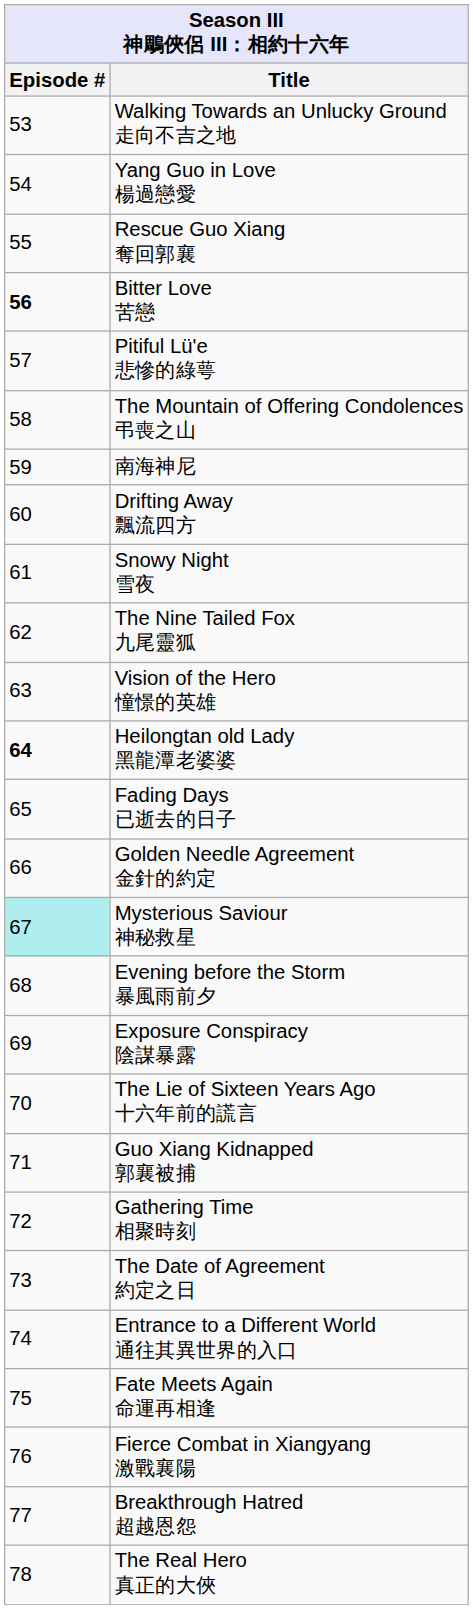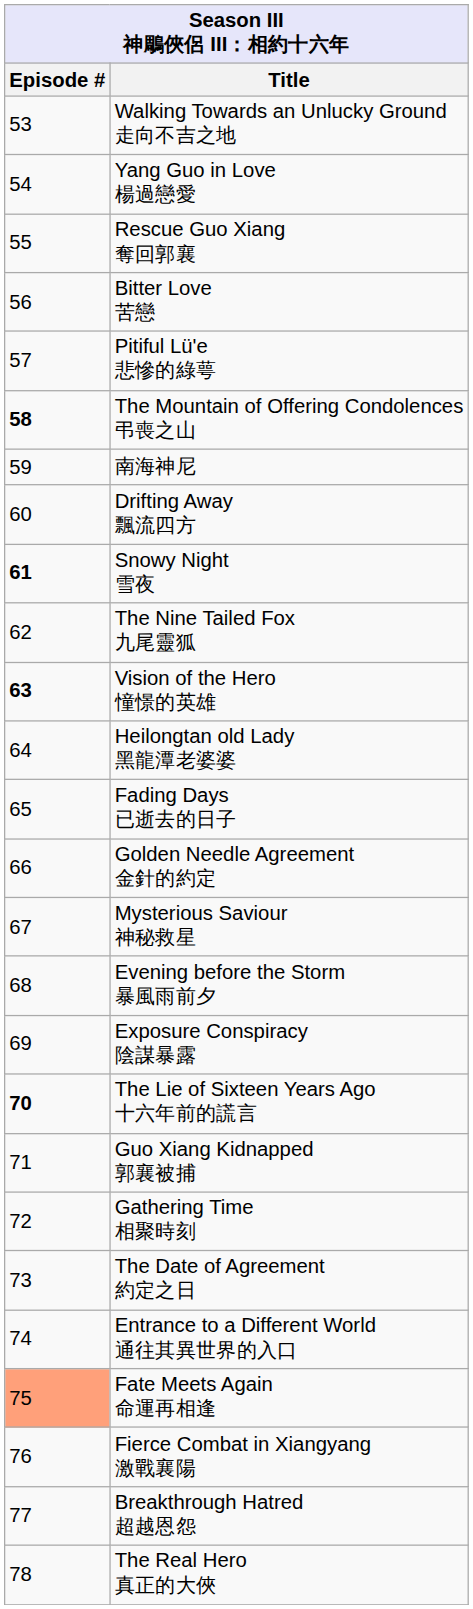 <table class="wikitable">
 <tr>
 <td colspan="2" style="background:lavender; text-align:center;"><strong>Season III<br>神鵰俠侶 III：相約十六年</strong></td>
 </tr>
 <tr>
 <th>Episode #</th>
 <th>Title</th>
 </tr>
 <tr>
 <td>53</td>
 <td>Walking Towards an Unlucky Ground<br>走向不吉之地</td>
 </tr>
 <tr>
 <td>54</td>
 <td>Yang Guo in Love<br>楊過戀愛</td>
 </tr>
 <tr>
 <td>55</td>
 <td>Rescue Guo Xiang<br>奪回郭襄</td>
 </tr>
 <tr>
-<td><strong>56</strong></td>
+<td>56</td>
 <td>Bitter Love<br>苦戀</td>
 </tr>
 <tr>
 <td>57</td>
 <td>Pitiful Lü'e<br>悲慘的綠萼</td>
 </tr>
 <tr>
-<td>58</td>
+<td><strong>58</strong></td>
 <td>The Mountain of Offering Condolences<br>弔喪之山</td>
 </tr>
 <tr>
 <td>59</td>
 <td>南海神尼</td>
 </tr>
 <tr>
 <td>60</td>
 <td>Drifting Away <br>飄流四方</td>
 </tr>
 <tr>
-<td>61</td>
+<td><strong>61</strong></td>
 <td>Snowy Night<br>雪夜</td>
 </tr>
 <tr>
 <td>62</td>
 <td>The Nine Tailed Fox<br>九尾靈狐</td>
 </tr>
 <tr>
-<td>63</td>
+<td><strong>63</strong></td>
 <td>Vision of the Hero<br>憧憬的英雄</td>
 </tr>
 <tr>
-<td><strong>64</strong></td>
+<td>64</td>
 <td>Heilongtan old Lady<br>黑龍潭老婆婆</td>
 </tr>
 <tr>
 <td>65</td>
 <td>Fading Days<br>已逝去的日子</td>
 </tr>
 <tr>
 <td>66</td>
 <td>Golden Needle Agreement<br>金針的約定</td>
 </tr>
 <tr>
-<td style="background: paleturquoise;">67</td>
+<td>67</td>
 <td>Mysterious Saviour<br>神秘救星</td>
 </tr>
 <tr>
 <td>68</td>
 <td>Evening before the Storm<br>暴風雨前夕</td>
 </tr>
 <tr>
 <td>69</td>
 <td>Exposure Conspiracy<br>陰謀暴露</td>
 </tr>
 <tr>
-<td>70</td>
+<td><strong>70</strong></td>
 <td>The Lie of Sixteen Years Ago<br>十六年前的謊言</td>
 </tr>
 <tr>
 <td>71</td>
 <td>Guo Xiang Kidnapped<br>郭襄被捕</td>
 </tr>
 <tr>
 <td>72</td>
 <td>Gathering Time<br>相聚時刻</td>
 </tr>
 <tr>
 <td>73</td>
 <td>The Date of Agreement<br>約定之日</td>
 </tr>
 <tr>
 <td>74</td>
 <td>Entrance to a Different World<br>通往其異世界的入口</td>
 </tr>
 <tr>
-<td>75</td>
+<td style="background: lightsalmon;">75</td>
 <td>Fate Meets Again<br>命運再相逢</td>
 </tr>
 <tr>
 <td>76</td>
 <td>Fierce Combat in Xiangyang<br>激戰襄陽</td>
 </tr>
 <tr>
 <td>77</td>
 <td>Breakthrough Hatred<br>超越恩怨</td>
 </tr>
 <tr>
 <td>78</td>
 <td>The Real Hero<br>真正的大俠</td>
 </tr>
 </table>
